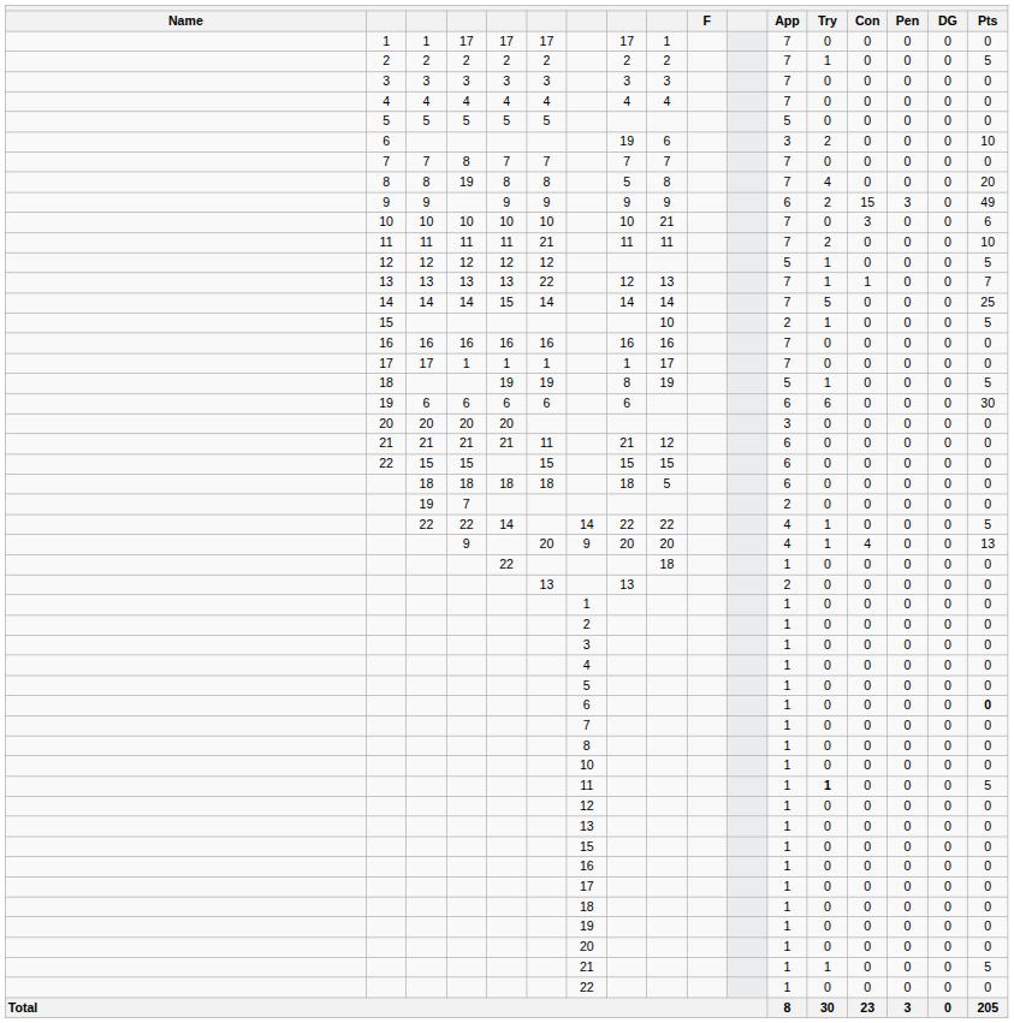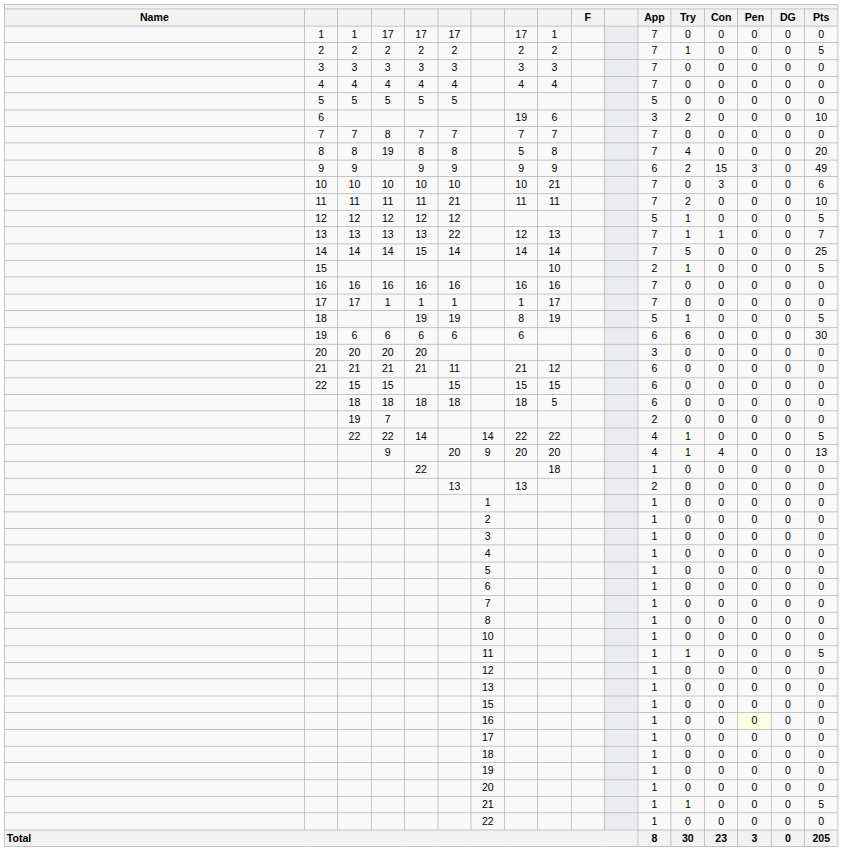 <table class="wikitable collapsible collapsed" style="text-align:center; font-size:100%; width:100%">
 <tr>
 <th colspan="100%"></th>
 </tr>
 <tr>
 <th style="width:36%;">Name</th>
 <th style="width:4%;"></th>
 <th style="width:4%;"></th>
 <th style="width:4%;"></th>
 <th style="width:4%;"></th>
 <th style="width:4%;"></th>
 <th style="width:4%;"></th>
 <th style="width:4%;"></th>
 <th style="width:4%;"></th>
 <th style="width:4%;">F</th>
 <th style="width:4%;"></th>
 <th style="width:4%;">App</th>
 <th style="width:4%;">Try</th>
 <th style="width:4%;">Con</th>
 <th style="width:4%;">Pen</th>
 <th style="width:4%;">DG</th>
 <th style="width:4%;">Pts</th>
 </tr>
 <tr>
 <td style="text-align:left;"></td>
 <td>1</td>
 <td>1</td>
 <td>17 </td>
 <td>17 </td>
 <td>17 </td>
 <td></td>
 <td>17 </td>
 <td>1</td>
 <td></td>
 <td style="background:#EBECF0;"></td>
 <td>7</td>
 <td>0</td>
 <td>0</td>
 <td>0</td>
 <td>0</td>
 <td>0</td>
 </tr>
 <tr>
 <td style="text-align:left;"></td>
 <td>2</td>
 <td>2</td>
 <td>2</td>
 <td>2</td>
 <td>2</td>
 <td></td>
 <td>2</td>
 <td>2</td>
 <td></td>
 <td style="background:#EBECF0;"></td>
 <td>7</td>
 <td>1</td>
 <td>0</td>
 <td>0</td>
 <td>0</td>
 <td>5</td>
 </tr>
 <tr>
 <td style="text-align:left;"></td>
 <td>3</td>
 <td>3</td>
 <td>3</td>
 <td>3</td>
 <td>3</td>
 <td></td>
 <td>3</td>
 <td>3</td>
 <td></td>
 <td style="background:#EBECF0;"></td>
 <td>7</td>
 <td>0</td>
 <td>0</td>
 <td>0</td>
 <td>0</td>
 <td>0</td>
 </tr>
 <tr>
 <td style="text-align:left;"></td>
 <td>4</td>
 <td>4</td>
 <td>4</td>
 <td>4</td>
 <td>4</td>
 <td></td>
 <td>4</td>
 <td>4</td>
 <td></td>
 <td style="background:#EBECF0;"></td>
 <td>7</td>
 <td>0</td>
 <td>0</td>
 <td>0</td>
 <td>0</td>
 <td>0</td>
 </tr>
 <tr>
 <td style="text-align:left;"></td>
 <td>5</td>
 <td>5</td>
 <td>5</td>
 <td>5</td>
 <td>5</td>
 <td></td>
 <td></td>
 <td></td>
 <td></td>
 <td style="background:#EBECF0;"></td>
 <td>5</td>
 <td>0</td>
 <td>0</td>
 <td>0</td>
 <td>0</td>
 <td>0</td>
 </tr>
 <tr>
 <td style="text-align:left;"></td>
 <td>6</td>
 <td></td>
 <td></td>
 <td></td>
 <td></td>
 <td></td>
 <td>19 </td>
 <td>6</td>
 <td></td>
 <td style="background:#EBECF0;"></td>
 <td>3</td>
 <td>2</td>
 <td>0</td>
 <td>0</td>
 <td>0</td>
 <td>10</td>
 </tr>
 <tr>
 <td style="text-align:left;"></td>
 <td>7</td>
 <td>7</td>
 <td>8</td>
 <td>7</td>
 <td>7</td>
 <td></td>
 <td>7</td>
 <td>7</td>
 <td></td>
 <td style="background:#EBECF0;"></td>
 <td>7</td>
 <td>0</td>
 <td>0</td>
 <td>0</td>
 <td>0</td>
 <td>0</td>
 </tr>
 <tr>
 <td style="text-align:left;"></td>
 <td>8</td>
 <td>8</td>
 <td>19 </td>
 <td>8</td>
 <td>8</td>
 <td></td>
 <td>5</td>
 <td>8</td>
 <td></td>
 <td style="background:#EBECF0;"></td>
 <td>7</td>
 <td>4</td>
 <td>0</td>
 <td>0</td>
 <td>0</td>
 <td>20</td>
 </tr>
 <tr>
 <td style="text-align:left;"></td>
 <td>9</td>
 <td>9</td>
 <td></td>
 <td>9</td>
 <td>9</td>
 <td></td>
 <td>9</td>
 <td>9</td>
 <td></td>
 <td style="background:#EBECF0;"></td>
 <td>6</td>
 <td>2</td>
 <td>15</td>
 <td>3</td>
 <td>0</td>
 <td>49</td>
 </tr>
 <tr>
 <td style="text-align:left;"></td>
 <td>10</td>
 <td>10</td>
 <td>10</td>
 <td>10</td>
 <td>10</td>
 <td></td>
 <td>10</td>
 <td>21 </td>
 <td></td>
 <td style="background:#EBECF0;"></td>
 <td>7</td>
 <td>0</td>
 <td>3</td>
 <td>0</td>
 <td>0</td>
 <td>6</td>
 </tr>
 <tr>
 <td style="text-align:left;"></td>
 <td>11</td>
 <td>11</td>
 <td>11</td>
 <td>11</td>
 <td>21 </td>
 <td></td>
 <td>11</td>
 <td>11</td>
 <td></td>
 <td style="background:#EBECF0;"></td>
 <td>7</td>
 <td>2</td>
 <td>0</td>
 <td>0</td>
 <td>0</td>
 <td>10</td>
 </tr>
 <tr>
 <td style="text-align:left;"></td>
 <td>12</td>
 <td>12</td>
 <td>12</td>
 <td>12</td>
 <td>12</td>
 <td></td>
 <td></td>
 <td></td>
 <td></td>
 <td style="background:#EBECF0;"></td>
 <td>5</td>
 <td>1</td>
 <td>0</td>
 <td>0</td>
 <td>0</td>
 <td>5</td>
 </tr>
 <tr>
 <td style="text-align:left;"></td>
 <td>13</td>
 <td>13</td>
 <td>13</td>
 <td>13</td>
 <td>22 </td>
 <td></td>
 <td>12</td>
 <td>13</td>
 <td></td>
 <td style="background:#EBECF0;"></td>
 <td>7</td>
 <td>1</td>
 <td>1</td>
 <td>0</td>
 <td>0</td>
 <td>7</td>
 </tr>
 <tr>
 <td style="text-align:left;"></td>
 <td>14</td>
 <td>14</td>
 <td>14</td>
 <td>15</td>
 <td>14</td>
 <td></td>
 <td>14</td>
 <td>14</td>
 <td></td>
 <td style="background:#EBECF0;"></td>
 <td>7</td>
 <td>5</td>
 <td>0</td>
 <td>0</td>
 <td>0</td>
 <td>25</td>
 </tr>
 <tr>
 <td style="text-align:left;"></td>
 <td>15</td>
 <td></td>
 <td></td>
 <td></td>
 <td></td>
 <td></td>
 <td></td>
 <td>10</td>
 <td></td>
 <td style="background:#EBECF0;"></td>
 <td>2</td>
 <td>1</td>
 <td>0</td>
 <td>0</td>
 <td>0</td>
 <td>5</td>
 </tr>
 <tr>
 <td style="text-align:left;"></td>
 <td>16 </td>
 <td>16 </td>
 <td>16 </td>
 <td>16 </td>
 <td>16 </td>
 <td></td>
 <td>16 </td>
 <td>16 </td>
 <td></td>
 <td style="background:#EBECF0;"></td>
 <td>7</td>
 <td>0</td>
 <td>0</td>
 <td>0</td>
 <td>0</td>
 <td>0</td>
 </tr>
 <tr>
 <td style="text-align:left;"></td>
 <td>17 </td>
 <td>17 </td>
 <td>1</td>
 <td>1</td>
 <td>1</td>
 <td></td>
 <td>1</td>
 <td>17 </td>
 <td></td>
 <td style="background:#EBECF0;"></td>
 <td>7</td>
 <td>0</td>
 <td>0</td>
 <td>0</td>
 <td>0</td>
 <td>0</td>
 </tr>
 <tr>
 <td style="text-align:left;"></td>
 <td>18 </td>
 <td></td>
 <td></td>
 <td>19 </td>
 <td>19 </td>
 <td></td>
 <td>8</td>
 <td>19 </td>
 <td></td>
 <td style="background:#EBECF0;"></td>
 <td>5</td>
 <td>1</td>
 <td>0</td>
 <td>0</td>
 <td>0</td>
 <td>5</td>
 </tr>
 <tr>
 <td style="text-align:left;"></td>
 <td>19 </td>
 <td>6</td>
 <td>6</td>
 <td>6</td>
 <td>6</td>
 <td></td>
 <td>6</td>
 <td></td>
 <td></td>
 <td style="background:#EBECF0;"></td>
 <td>6</td>
 <td>6</td>
 <td>0</td>
 <td>0</td>
 <td>0</td>
 <td>30</td>
 </tr>
 <tr>
 <td style="text-align:left;"></td>
 <td>20 </td>
 <td>20 </td>
 <td>20 </td>
 <td>20</td>
 <td></td>
 <td></td>
 <td></td>
 <td></td>
 <td></td>
 <td style="background:#EBECF0;"></td>
 <td>3</td>
 <td>0</td>
 <td>0</td>
 <td>0</td>
 <td>0</td>
 <td>0</td>
 </tr>
 <tr>
 <td style="text-align:left;"></td>
 <td>21 </td>
 <td>21 </td>
 <td>21 </td>
 <td>21</td>
 <td>11</td>
 <td></td>
 <td>21 </td>
 <td>12</td>
 <td></td>
 <td style="background:#EBECF0;"></td>
 <td>6</td>
 <td>0</td>
 <td>0</td>
 <td>0</td>
 <td>0</td>
 <td>0</td>
 </tr>
 <tr>
 <td style="text-align:left;"></td>
 <td>22 </td>
 <td>15</td>
 <td>15</td>
 <td></td>
 <td>15</td>
 <td></td>
 <td>15</td>
 <td>15</td>
 <td></td>
 <td style="background:#EBECF0;"></td>
 <td>6</td>
 <td>0</td>
 <td>0</td>
 <td>0</td>
 <td>0</td>
 <td>0</td>
 </tr>
 <tr>
 <td style="text-align:left;"></td>
 <td></td>
 <td>18 </td>
 <td>18 </td>
 <td>18 </td>
 <td>18 </td>
 <td></td>
 <td>18 </td>
 <td>5</td>
 <td></td>
 <td style="background:#EBECF0;"></td>
 <td>6</td>
 <td>0</td>
 <td>0</td>
 <td>0</td>
 <td>0</td>
 <td>0</td>
 </tr>
 <tr>
 <td style="text-align:left;"></td>
 <td></td>
 <td>19 </td>
 <td>7</td>
 <td></td>
 <td></td>
 <td></td>
 <td></td>
 <td></td>
 <td></td>
 <td style="background:#EBECF0;"></td>
 <td>2</td>
 <td>0</td>
 <td>0</td>
 <td>0</td>
 <td>0</td>
 <td>0</td>
 </tr>
 <tr>
 <td style="text-align:left;"></td>
 <td></td>
 <td>22 </td>
 <td>22</td>
 <td>14</td>
 <td></td>
 <td>14</td>
 <td>22 </td>
 <td>22</td>
 <td></td>
 <td style="background:#EBECF0;"></td>
 <td>4</td>
 <td>1</td>
 <td>0</td>
 <td>0</td>
 <td>0</td>
 <td>5</td>
 </tr>
 <tr>
 <td style="text-align:left;"></td>
 <td></td>
 <td></td>
 <td>9</td>
 <td></td>
 <td>20 </td>
 <td>9</td>
 <td>20 </td>
 <td>20</td>
 <td></td>
 <td style="background:#EBECF0;"></td>
 <td>4</td>
 <td>1</td>
 <td>4</td>
 <td>0</td>
 <td>0</td>
 <td>13</td>
 </tr>
 <tr>
 <td style="text-align:left;"></td>
 <td></td>
 <td></td>
 <td></td>
 <td>22</td>
 <td></td>
 <td></td>
 <td></td>
 <td>18 </td>
 <td></td>
 <td style="background:#EBECF0;"></td>
 <td>1</td>
 <td>0</td>
 <td>0</td>
 <td>0</td>
 <td>0</td>
 <td>0</td>
 </tr>
 <tr>
 <td style="text-align:left;"></td>
 <td></td>
 <td></td>
 <td></td>
 <td></td>
 <td>13</td>
 <td></td>
 <td>13</td>
 <td></td>
 <td></td>
 <td style="background:#EBECF0;"></td>
 <td>2</td>
 <td>0</td>
 <td>0</td>
 <td>0</td>
 <td>0</td>
 <td>0</td>
 </tr>
 <tr>
 <td style="text-align:left;"></td>
 <td></td>
 <td></td>
 <td></td>
 <td></td>
 <td></td>
 <td>1</td>
 <td></td>
 <td></td>
 <td></td>
 <td style="background:#EBECF0;"></td>
 <td>1</td>
 <td>0</td>
 <td>0</td>
 <td>0</td>
 <td>0</td>
 <td>0</td>
 </tr>
 <tr>
 <td style="text-align:left;"></td>
 <td></td>
 <td></td>
 <td></td>
 <td></td>
 <td></td>
 <td>2</td>
 <td></td>
 <td></td>
 <td></td>
 <td style="background:#EBECF0;"></td>
 <td>1</td>
 <td>0</td>
 <td>0</td>
 <td>0</td>
 <td>0</td>
 <td>0</td>
 </tr>
 <tr>
 <td style="text-align:left;"></td>
 <td></td>
 <td></td>
 <td></td>
 <td></td>
 <td></td>
 <td>3</td>
 <td></td>
 <td></td>
 <td></td>
 <td style="background:#EBECF0;"></td>
 <td>1</td>
 <td>0</td>
 <td>0</td>
 <td>0</td>
 <td>0</td>
 <td>0</td>
 </tr>
 <tr>
 <td style="text-align:left;"></td>
 <td></td>
 <td></td>
 <td></td>
 <td></td>
 <td></td>
 <td>4</td>
 <td></td>
 <td></td>
 <td></td>
 <td style="background:#EBECF0;"></td>
 <td>1</td>
 <td>0</td>
 <td>0</td>
 <td>0</td>
 <td>0</td>
 <td>0</td>
 </tr>
 <tr>
 <td style="text-align:left;"></td>
 <td></td>
 <td></td>
 <td></td>
 <td></td>
 <td></td>
 <td>5</td>
 <td></td>
 <td></td>
 <td></td>
 <td style="background:#EBECF0;"></td>
 <td>1</td>
 <td>0</td>
 <td>0</td>
 <td>0</td>
 <td>0</td>
 <td>0</td>
 </tr>
 <tr>
 <td style="text-align:left;"></td>
 <td></td>
 <td></td>
 <td></td>
 <td></td>
 <td></td>
 <td>6</td>
 <td></td>
 <td></td>
 <td></td>
 <td style="background:#EBECF0;"></td>
 <td>1</td>
 <td>0</td>
 <td>0</td>
 <td>0</td>
 <td>0</td>
-<td><strong>0</strong></td>
+<td>0</td>
 </tr>
 <tr>
 <td style="text-align:left;"></td>
 <td></td>
 <td></td>
 <td></td>
 <td></td>
 <td></td>
 <td>7</td>
 <td></td>
 <td></td>
 <td></td>
 <td style="background:#EBECF0;"></td>
 <td>1</td>
 <td>0</td>
 <td>0</td>
 <td>0</td>
 <td>0</td>
 <td>0</td>
 </tr>
 <tr>
 <td style="text-align:left;"></td>
 <td></td>
 <td></td>
 <td></td>
 <td></td>
 <td></td>
 <td>8</td>
 <td></td>
 <td></td>
 <td></td>
 <td style="background:#EBECF0;"></td>
 <td>1</td>
 <td>0</td>
 <td>0</td>
 <td>0</td>
 <td>0</td>
 <td>0</td>
 </tr>
 <tr>
 <td style="text-align:left;"></td>
 <td></td>
 <td></td>
 <td></td>
 <td></td>
 <td></td>
 <td>10</td>
 <td></td>
 <td></td>
 <td></td>
 <td style="background:#EBECF0;"></td>
 <td>1</td>
 <td>0</td>
 <td>0</td>
 <td>0</td>
 <td>0</td>
 <td>0</td>
 </tr>
 <tr>
 <td style="text-align:left;"></td>
 <td></td>
 <td></td>
 <td></td>
 <td></td>
 <td></td>
 <td>11</td>
 <td></td>
 <td></td>
 <td></td>
 <td style="background:#EBECF0;"></td>
 <td>1</td>
-<td><strong>1</strong></td>
+<td>1</td>
 <td>0</td>
 <td>0</td>
 <td>0</td>
 <td>5</td>
 </tr>
 <tr>
 <td style="text-align:left;"></td>
 <td></td>
 <td></td>
 <td></td>
 <td></td>
 <td></td>
 <td>12</td>
 <td></td>
 <td></td>
 <td></td>
 <td style="background:#EBECF0;"></td>
 <td>1</td>
 <td>0</td>
 <td>0</td>
 <td>0</td>
 <td>0</td>
 <td>0</td>
 </tr>
 <tr>
 <td style="text-align:left;"></td>
 <td></td>
 <td></td>
 <td></td>
 <td></td>
 <td></td>
 <td>13</td>
 <td></td>
 <td></td>
 <td></td>
 <td style="background:#EBECF0;"></td>
 <td>1</td>
 <td>0</td>
 <td>0</td>
 <td>0</td>
 <td>0</td>
 <td>0</td>
 </tr>
 <tr>
 <td style="text-align:left;"></td>
 <td></td>
 <td></td>
 <td></td>
 <td></td>
 <td></td>
 <td>15</td>
 <td></td>
 <td></td>
 <td></td>
 <td style="background:#EBECF0;"></td>
 <td>1</td>
 <td>0</td>
 <td>0</td>
 <td>0</td>
 <td>0</td>
 <td>0</td>
 </tr>
 <tr>
 <td style="text-align:left;"></td>
 <td></td>
 <td></td>
 <td></td>
 <td></td>
 <td></td>
 <td>16 </td>
 <td></td>
 <td></td>
 <td></td>
 <td style="background:#EBECF0;"></td>
 <td>1</td>
 <td>0</td>
 <td>0</td>
-<td>0</td>
+<td style="background: lightyellow;">0</td>
 <td>0</td>
 <td>0</td>
 </tr>
 <tr>
 <td style="text-align:left;"></td>
 <td></td>
 <td></td>
 <td></td>
 <td></td>
 <td></td>
 <td>17 </td>
 <td></td>
 <td></td>
 <td></td>
 <td style="background:#EBECF0;"></td>
 <td>1</td>
 <td>0</td>
 <td>0</td>
 <td>0</td>
 <td>0</td>
 <td>0</td>
 </tr>
 <tr>
 <td style="text-align:left;"></td>
 <td></td>
 <td></td>
 <td></td>
 <td></td>
 <td></td>
 <td>18 </td>
 <td></td>
 <td></td>
 <td></td>
 <td style="background:#EBECF0;"></td>
 <td>1</td>
 <td>0</td>
 <td>0</td>
 <td>0</td>
 <td>0</td>
 <td>0</td>
 </tr>
 <tr>
 <td style="text-align:left;"></td>
 <td></td>
 <td></td>
 <td></td>
 <td></td>
 <td></td>
 <td>19 </td>
 <td></td>
 <td></td>
 <td></td>
 <td style="background:#EBECF0;"></td>
 <td>1</td>
 <td>0</td>
 <td>0</td>
 <td>0</td>
 <td>0</td>
 <td>0</td>
 </tr>
 <tr>
 <td style="text-align:left;"></td>
 <td></td>
 <td></td>
 <td></td>
 <td></td>
 <td></td>
 <td>20 </td>
 <td></td>
 <td></td>
 <td></td>
 <td style="background:#EBECF0;"></td>
 <td>1</td>
 <td>0</td>
 <td>0</td>
 <td>0</td>
 <td>0</td>
 <td>0</td>
 </tr>
 <tr>
 <td style="text-align:left;"></td>
 <td></td>
 <td></td>
 <td></td>
 <td></td>
 <td></td>
 <td>21 </td>
 <td></td>
 <td></td>
 <td></td>
 <td style="background:#EBECF0;"></td>
 <td>1</td>
 <td>1</td>
 <td>0</td>
 <td>0</td>
 <td>0</td>
 <td>5</td>
 </tr>
 <tr>
 <td style="text-align:left;"></td>
 <td></td>
 <td></td>
 <td></td>
 <td></td>
 <td></td>
 <td>22 </td>
 <td></td>
 <td></td>
 <td></td>
 <td style="background:#EBECF0;"></td>
 <td>1</td>
 <td>0</td>
 <td>0</td>
 <td>0</td>
 <td>0</td>
 <td>0</td>
 </tr>
 <tr>
 <th colspan="11" style="text-align:left;">Total</th>
 <th>8</th>
 <th>30</th>
 <th>23</th>
 <th>3</th>
 <th>0</th>
 <th>205</th>
 </tr>
 </table>
